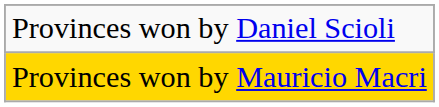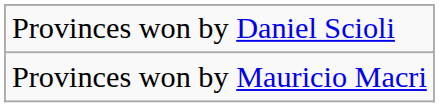 <table class="wikitable">
 <tr>
 <td>Provinces won by <a href='#'>Daniel Scioli</a></td>
 </tr>
 <tr>
-<td style="background: gold;">Provinces won by <a href='#'>Mauricio Macri</a></td>
+<td>Provinces won by <a href='#'>Mauricio Macri</a></td>
 </tr>
 </table>
